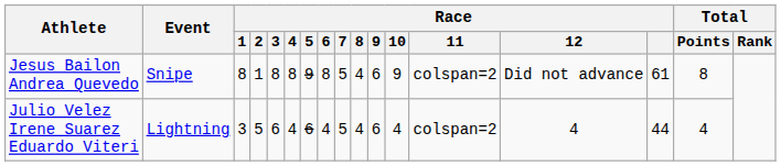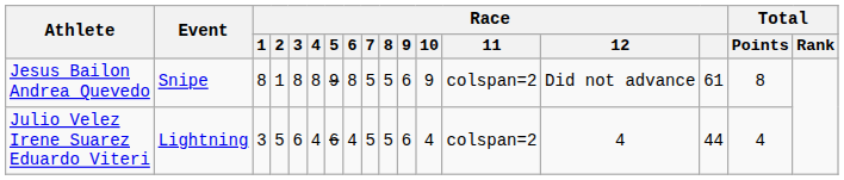 <table class=wikitable style=font-size:90%;text-align:center>
 <tr>
 <th rowspan=2>Athlete</th>
 <th rowspan=2>Event</th>
 <th colspan=13>Race</th>
 <th colspan=2>Total</th>
 </tr>
 <tr style=font-size:95%>
 <th>1</th>
 <th>2</th>
 <th>3</th>
 <th>4</th>
 <th>5</th>
 <th>6</th>
 <th>7</th>
 <th>8</th>
 <th>9</th>
 <th>10</th>
 <th>11</th>
 <th>12</th>
 <th></th>
 <th>Points</th>
 <th>Rank</th>
 </tr>
 <tr>
 <td align=left><a href='#'>Jesus Bailon</a><br><a href='#'>Andrea Quevedo</a></td>
 <td align=left><a href='#'>Snipe</a></td>
 <td>8</td>
 <td>1</td>
 <td>8</td>
 <td>8</td>
 <td><s>9</s></td>
 <td>8</td>
 <td>5</td>
-<td>4</td>
+<td>5</td>
 <td>6</td>
 <td>9</td>
 <td>colspan=2 </td>
 <td>Did not advance</td>
 <td>61</td>
 <td>8</td>
 </tr>
 <tr>
 <td align=left><a href='#'>Julio Velez</a><br><a href='#'>Irene Suarez</a><br><a href='#'>Eduardo Viteri</a></td>
 <td align=left><a href='#'>Lightning</a></td>
 <td>3</td>
 <td>5</td>
 <td>6</td>
 <td>4</td>
 <td><s>6</s></td>
 <td>4</td>
 <td>5</td>
-<td>4</td>
+<td>5</td>
 <td>6</td>
 <td>4</td>
 <td>colspan=2 </td>
 <td>4</td>
 <td>44</td>
 <td>4</td>
 </tr>
 </table>
